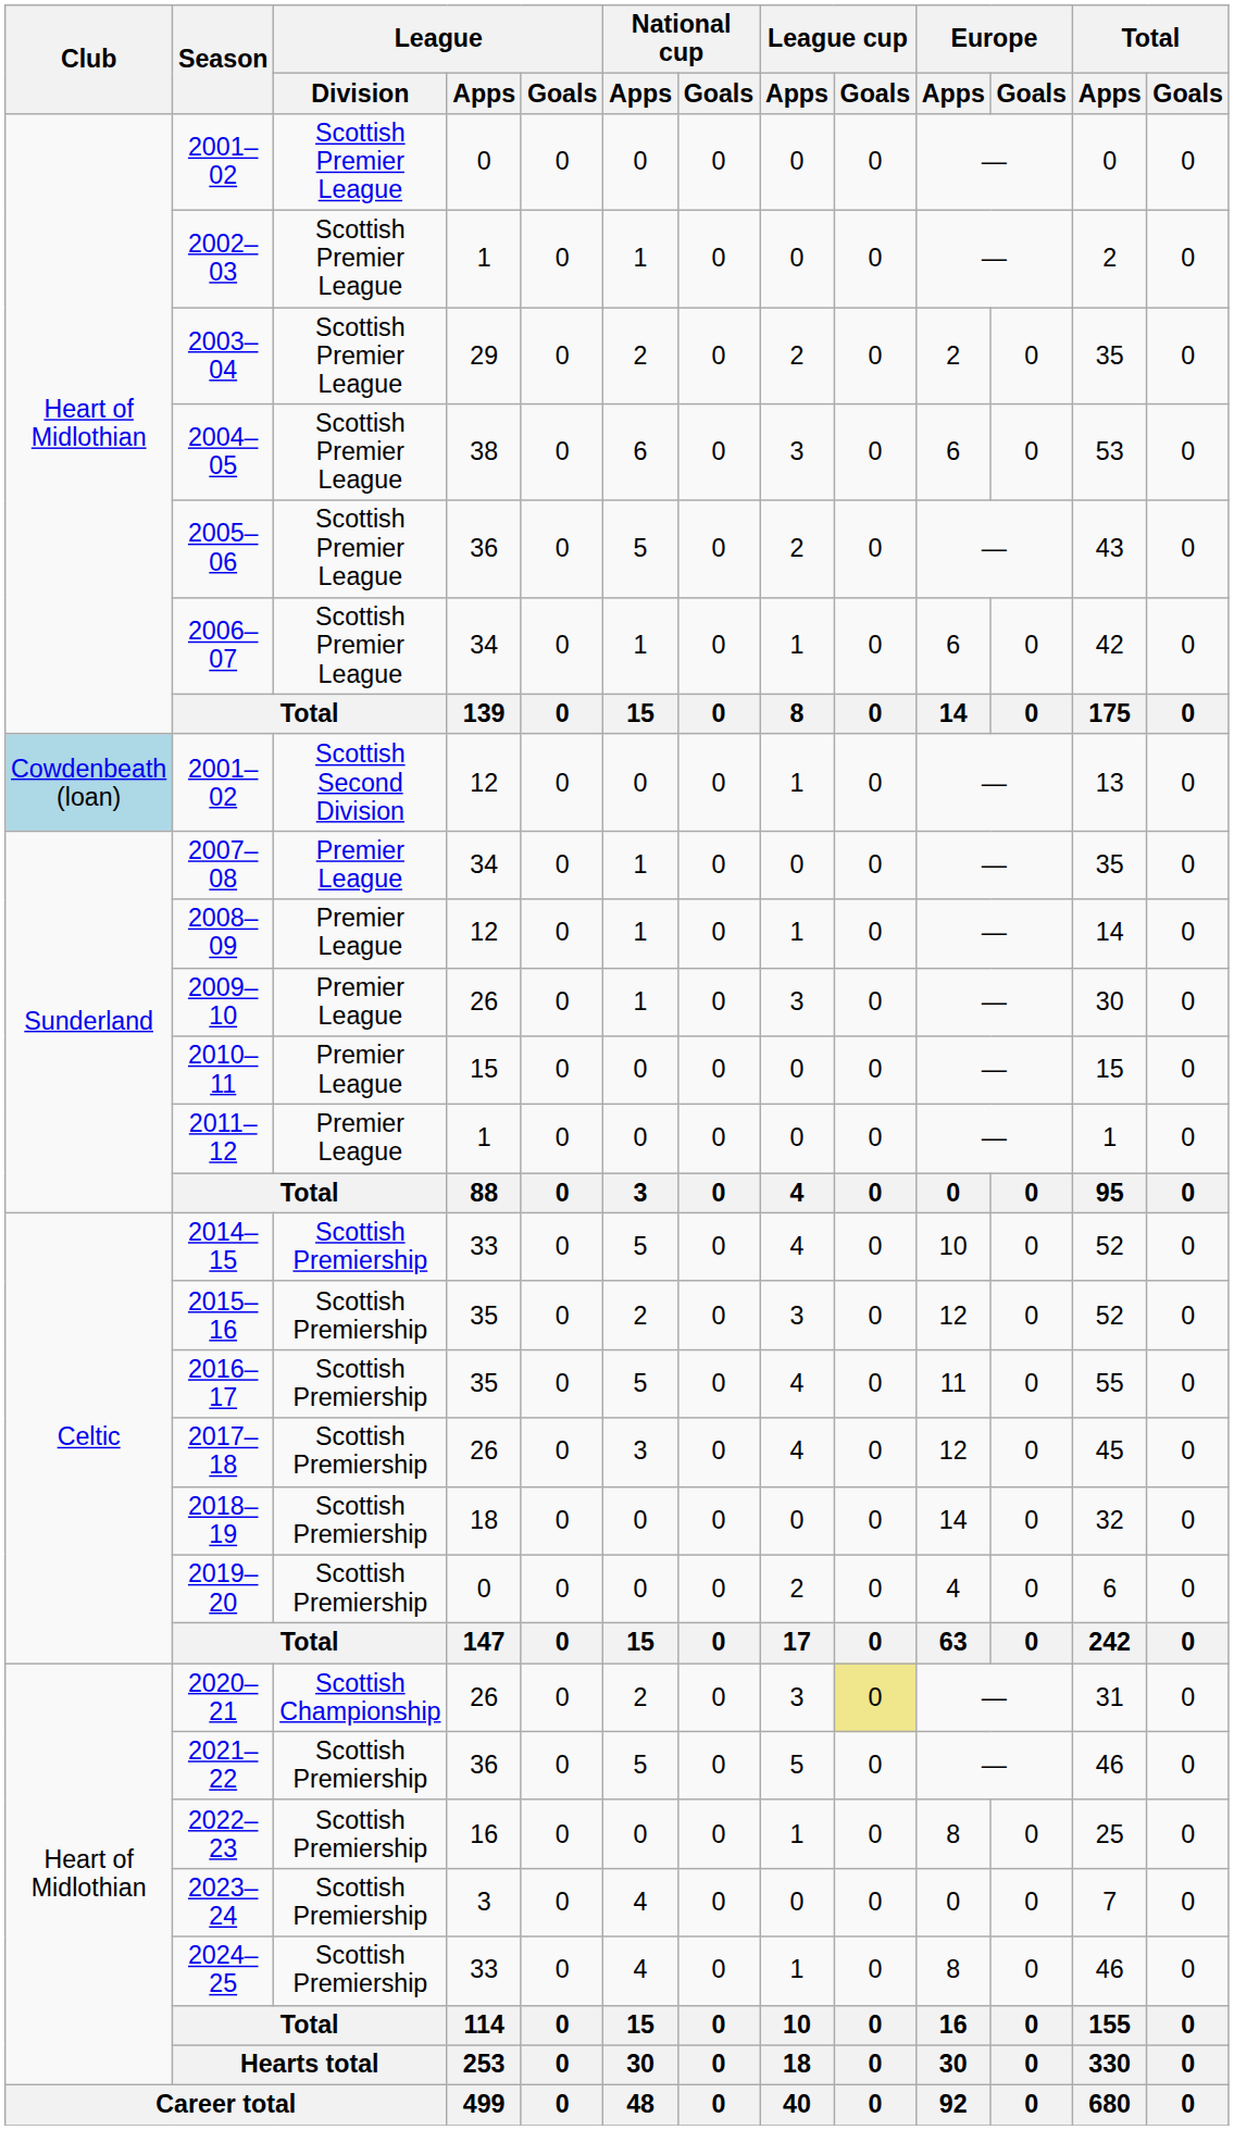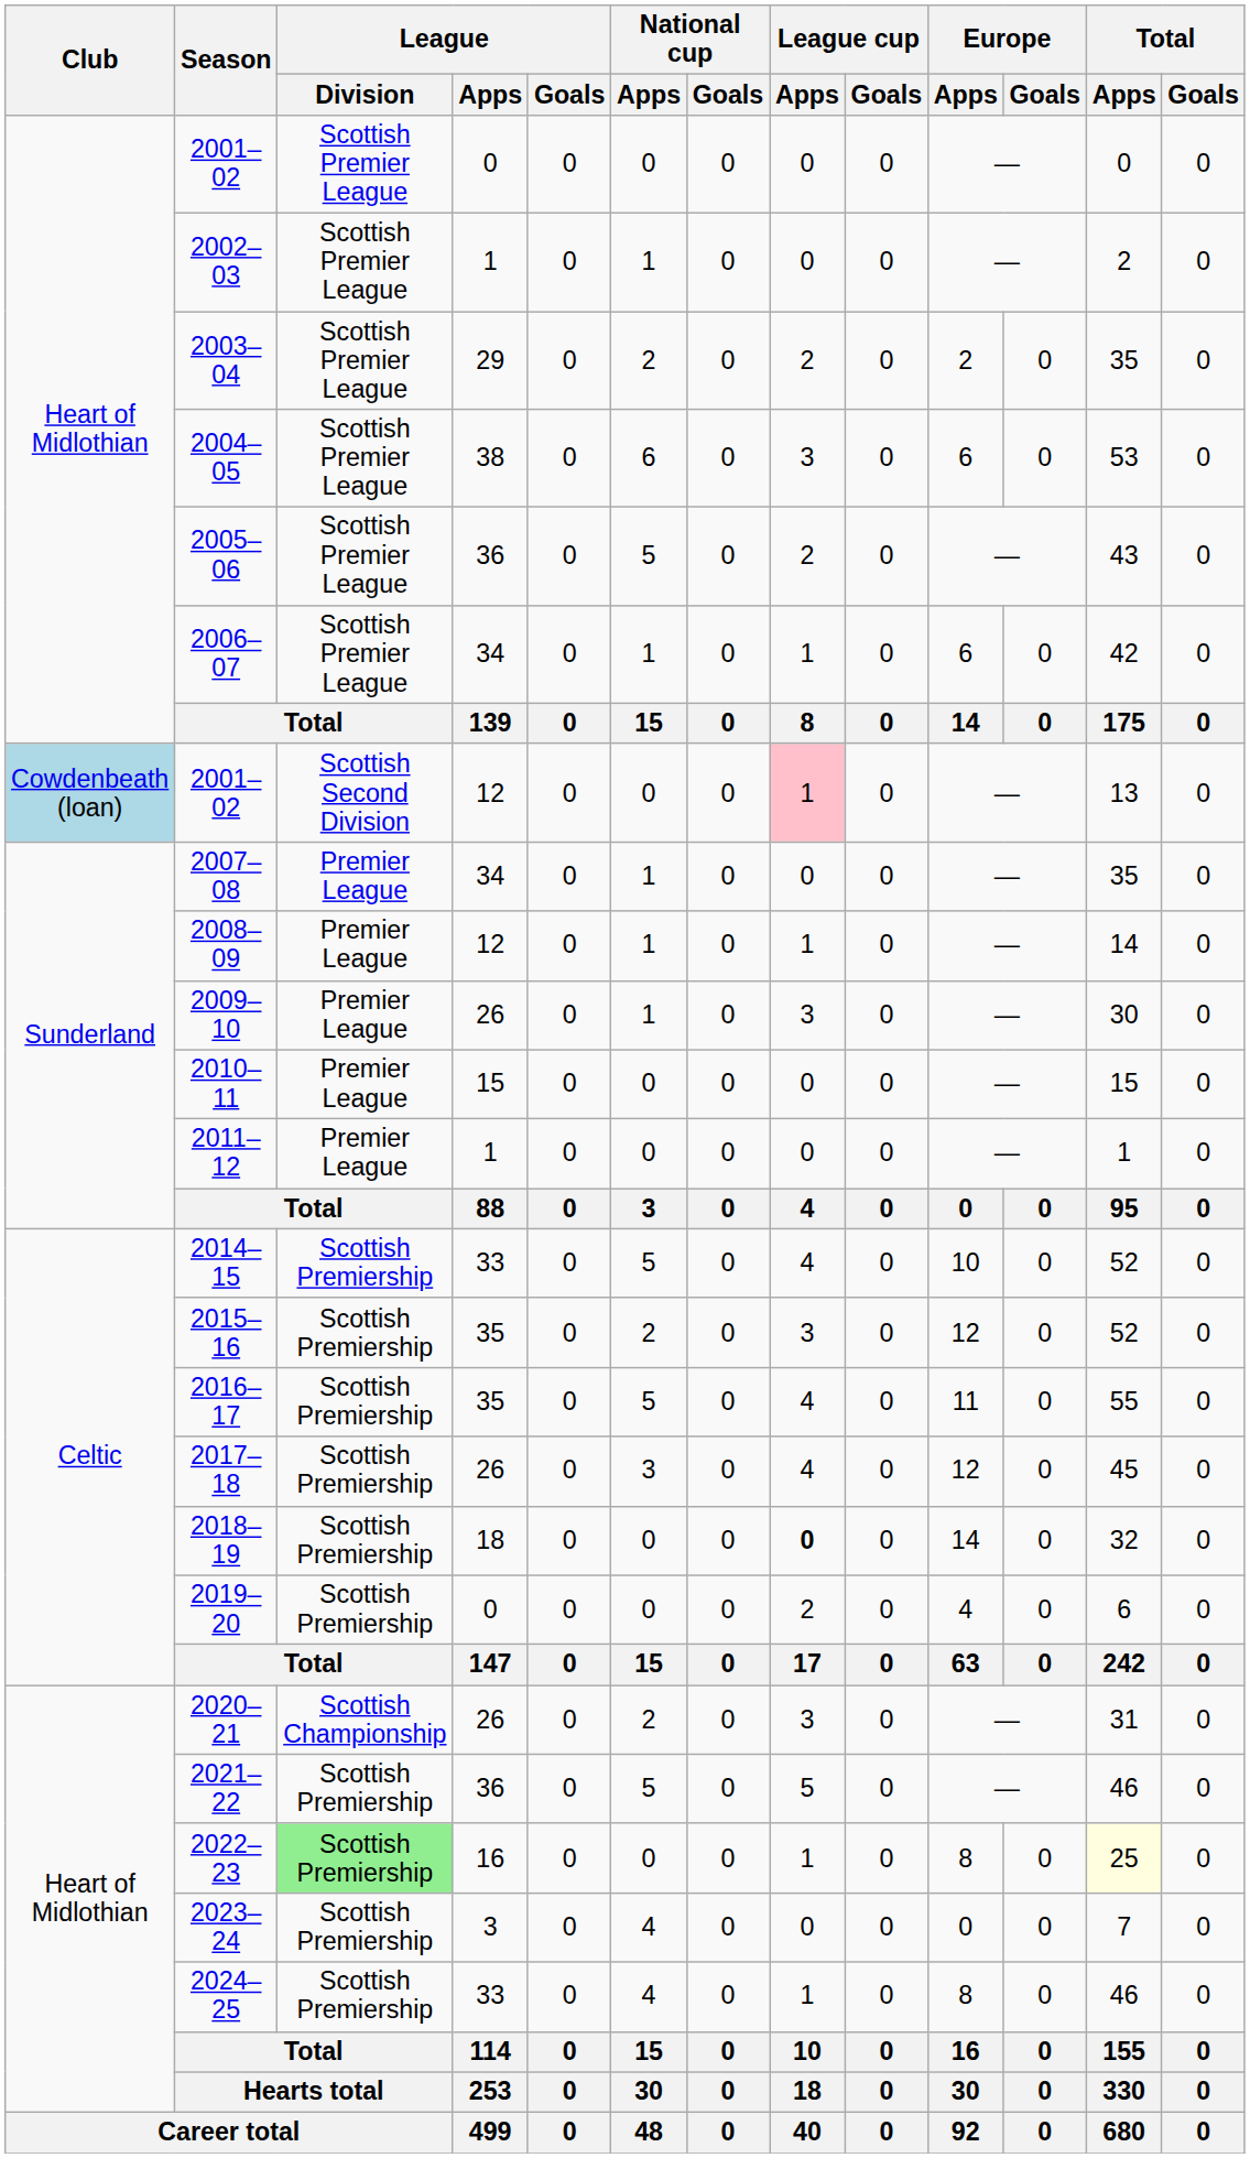 <table class="wikitable" style="text-align:center">
 <tr>
 <th rowspan="2">Club</th>
 <th rowspan="2">Season</th>
 <th colspan="3">League</th>
 <th colspan="2">National cup</th>
 <th colspan="2">League cup</th>
 <th colspan="2">Europe</th>
 <th colspan="2">Total</th>
 </tr>
 <tr>
 <th>Division</th>
 <th>Apps</th>
 <th>Goals</th>
 <th>Apps</th>
 <th>Goals</th>
 <th>Apps</th>
 <th>Goals</th>
 <th>Apps</th>
 <th>Goals</th>
 <th>Apps</th>
 <th>Goals</th>
 </tr>
 <tr>
 <td rowspan="7"><a href='#'>Heart of Midlothian</a></td>
 <td><a href='#'>2001–02</a></td>
 <td><a href='#'>Scottish Premier League</a></td>
 <td>0</td>
 <td>0</td>
 <td>0</td>
 <td>0</td>
 <td>0</td>
 <td>0</td>
 <td colspan="2">—</td>
 <td>0</td>
 <td>0</td>
 </tr>
 <tr>
 <td><a href='#'>2002–03</a></td>
 <td>Scottish Premier League</td>
 <td>1</td>
 <td>0</td>
 <td>1</td>
 <td>0</td>
 <td>0</td>
 <td>0</td>
 <td colspan="2">—</td>
 <td>2</td>
 <td>0</td>
 </tr>
 <tr>
 <td><a href='#'>2003–04</a></td>
 <td>Scottish Premier League</td>
 <td>29</td>
 <td>0</td>
 <td>2</td>
 <td>0</td>
 <td>2</td>
 <td>0</td>
 <td>2</td>
 <td>0</td>
 <td>35</td>
 <td>0</td>
 </tr>
 <tr>
 <td><a href='#'>2004–05</a></td>
 <td>Scottish Premier League</td>
 <td>38</td>
 <td>0</td>
 <td>6</td>
 <td>0</td>
 <td>3</td>
 <td>0</td>
 <td>6</td>
 <td>0</td>
 <td>53</td>
 <td>0</td>
 </tr>
 <tr>
 <td><a href='#'>2005–06</a></td>
 <td>Scottish Premier League</td>
 <td>36</td>
 <td>0</td>
 <td>5</td>
 <td>0</td>
 <td>2</td>
 <td>0</td>
 <td colspan="2">—</td>
 <td>43</td>
 <td>0</td>
 </tr>
 <tr>
 <td><a href='#'>2006–07</a></td>
 <td>Scottish Premier League</td>
 <td>34</td>
 <td>0</td>
 <td>1</td>
 <td>0</td>
 <td>1</td>
 <td>0</td>
 <td>6</td>
 <td>0</td>
 <td>42</td>
 <td>0</td>
 </tr>
 <tr>
 <th colspan="2">Total</th>
 <th>139</th>
 <th>0</th>
 <th>15</th>
 <th>0</th>
 <th>8</th>
 <th>0</th>
 <th>14</th>
 <th>0</th>
 <th>175</th>
 <th>0</th>
 </tr>
 <tr>
 <td style="background: lightblue;"><a href='#'>Cowdenbeath</a> (loan)</td>
 <td><a href='#'>2001–02</a></td>
 <td><a href='#'>Scottish Second Division</a></td>
 <td>12</td>
 <td>0</td>
 <td>0</td>
 <td>0</td>
-<td>1</td>
+<td style="background: pink;">1</td>
 <td>0</td>
 <td colspan="2">—</td>
 <td>13</td>
 <td>0</td>
 </tr>
 <tr>
 <td rowspan="6"><a href='#'>Sunderland</a></td>
 <td><a href='#'>2007–08</a></td>
 <td><a href='#'>Premier League</a></td>
 <td>34</td>
 <td>0</td>
 <td>1</td>
 <td>0</td>
 <td>0</td>
 <td>0</td>
 <td colspan="2">—</td>
 <td>35</td>
 <td>0</td>
 </tr>
 <tr>
 <td><a href='#'>2008–09</a></td>
 <td>Premier League</td>
 <td>12</td>
 <td>0</td>
 <td>1</td>
 <td>0</td>
 <td>1</td>
 <td>0</td>
 <td colspan="2">—</td>
 <td>14</td>
 <td>0</td>
 </tr>
 <tr>
 <td><a href='#'>2009–10</a></td>
 <td>Premier League</td>
 <td>26</td>
 <td>0</td>
 <td>1</td>
 <td>0</td>
 <td>3</td>
 <td>0</td>
 <td colspan="2">—</td>
 <td>30</td>
 <td>0</td>
 </tr>
 <tr>
 <td><a href='#'>2010–11</a></td>
 <td>Premier League</td>
 <td>15</td>
 <td>0</td>
 <td>0</td>
 <td>0</td>
 <td>0</td>
 <td>0</td>
 <td colspan="2">—</td>
 <td>15</td>
 <td>0</td>
 </tr>
 <tr>
 <td><a href='#'>2011–12</a></td>
 <td>Premier League</td>
 <td>1</td>
 <td>0</td>
 <td>0</td>
 <td>0</td>
 <td>0</td>
 <td>0</td>
 <td colspan="2">—</td>
 <td>1</td>
 <td>0</td>
 </tr>
 <tr>
 <th colspan="2">Total</th>
 <th>88</th>
 <th>0</th>
 <th>3</th>
 <th>0</th>
 <th>4</th>
 <th>0</th>
 <th>0</th>
 <th>0</th>
 <th>95</th>
 <th>0</th>
 </tr>
 <tr>
 <td rowspan="7"><a href='#'>Celtic</a></td>
 <td><a href='#'>2014–15</a></td>
 <td><a href='#'>Scottish Premiership</a></td>
 <td>33</td>
 <td>0</td>
 <td>5</td>
 <td>0</td>
 <td>4</td>
 <td>0</td>
 <td>10</td>
 <td>0</td>
 <td>52</td>
 <td>0</td>
 </tr>
 <tr>
 <td><a href='#'>2015–16</a></td>
 <td>Scottish Premiership</td>
 <td>35</td>
 <td>0</td>
 <td>2</td>
 <td>0</td>
 <td>3</td>
 <td>0</td>
 <td>12</td>
 <td>0</td>
 <td>52</td>
 <td>0</td>
 </tr>
 <tr>
 <td><a href='#'>2016–17</a></td>
 <td>Scottish Premiership</td>
 <td>35</td>
 <td>0</td>
 <td>5</td>
 <td>0</td>
 <td>4</td>
 <td>0</td>
 <td>11</td>
 <td>0</td>
 <td>55</td>
 <td>0</td>
 </tr>
 <tr>
 <td><a href='#'>2017–18</a></td>
 <td>Scottish Premiership</td>
 <td>26</td>
 <td>0</td>
 <td>3</td>
 <td>0</td>
 <td>4</td>
 <td>0</td>
 <td>12</td>
 <td>0</td>
 <td>45</td>
 <td>0</td>
 </tr>
 <tr>
 <td><a href='#'>2018–19</a></td>
 <td>Scottish Premiership</td>
 <td>18</td>
 <td>0</td>
 <td>0</td>
 <td>0</td>
-<td>0</td>
+<td><strong>0</strong></td>
 <td>0</td>
 <td>14</td>
 <td>0</td>
 <td>32</td>
 <td>0</td>
 </tr>
 <tr>
 <td><a href='#'>2019–20</a></td>
 <td>Scottish Premiership</td>
 <td>0</td>
 <td>0</td>
 <td>0</td>
 <td>0</td>
 <td>2</td>
 <td>0</td>
 <td>4</td>
 <td>0</td>
 <td>6</td>
 <td>0</td>
 </tr>
 <tr>
 <th colspan="2">Total</th>
 <th>147</th>
 <th>0</th>
 <th>15</th>
 <th>0</th>
 <th>17</th>
 <th>0</th>
 <th>63</th>
 <th>0</th>
 <th>242</th>
 <th>0</th>
 </tr>
 <tr>
 <td rowspan="7">Heart of Midlothian</td>
 <td><a href='#'>2020–21</a></td>
 <td><a href='#'>Scottish Championship</a></td>
 <td>26</td>
 <td>0</td>
 <td>2</td>
 <td>0</td>
 <td>3</td>
-<td style="background: khaki;">0</td>
+<td>0</td>
 <td colspan="2">—</td>
 <td>31</td>
 <td>0</td>
 </tr>
 <tr>
 <td><a href='#'>2021–22</a></td>
 <td>Scottish Premiership</td>
 <td>36</td>
 <td>0</td>
 <td>5</td>
 <td>0</td>
 <td>5</td>
 <td>0</td>
 <td colspan="2">—</td>
 <td>46</td>
 <td>0</td>
 </tr>
 <tr>
 <td><a href='#'>2022–23</a></td>
-<td>Scottish Premiership</td>
+<td style="background: lightgreen;">Scottish Premiership</td>
 <td>16</td>
 <td>0</td>
 <td>0</td>
 <td>0</td>
 <td>1</td>
 <td>0</td>
 <td>8</td>
 <td>0</td>
-<td>25</td>
+<td style="background: lightyellow;">25</td>
 <td>0</td>
 </tr>
 <tr>
 <td><a href='#'>2023–24</a></td>
 <td>Scottish Premiership</td>
 <td>3</td>
 <td>0</td>
 <td>4</td>
 <td>0</td>
 <td>0</td>
 <td>0</td>
 <td>0</td>
 <td>0</td>
 <td>7</td>
 <td>0</td>
 </tr>
 <tr>
 <td><a href='#'>2024–25</a></td>
 <td>Scottish Premiership</td>
 <td>33</td>
 <td>0</td>
 <td>4</td>
 <td>0</td>
 <td>1</td>
 <td>0</td>
 <td>8</td>
 <td>0</td>
 <td>46</td>
 <td>0</td>
 </tr>
 <tr>
 <th colspan="2">Total</th>
 <th>114</th>
 <th>0</th>
 <th>15</th>
 <th>0</th>
 <th>10</th>
 <th>0</th>
 <th>16</th>
 <th>0</th>
 <th>155</th>
 <th>0</th>
 </tr>
 <tr>
 <th colspan="2">Hearts total</th>
 <th>253</th>
 <th>0</th>
 <th>30</th>
 <th>0</th>
 <th>18</th>
 <th>0</th>
 <th>30</th>
 <th>0</th>
 <th>330</th>
 <th>0</th>
 </tr>
 <tr>
 <th colspan="3">Career total</th>
 <th>499</th>
 <th>0</th>
 <th>48</th>
 <th>0</th>
 <th>40</th>
 <th>0</th>
 <th>92</th>
 <th>0</th>
 <th>680</th>
 <th>0</th>
 </tr>
 </table>
